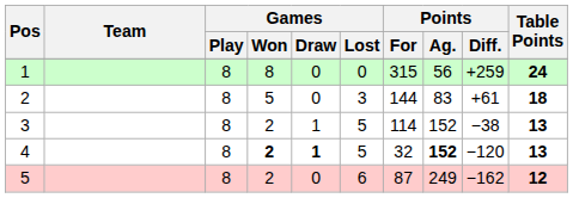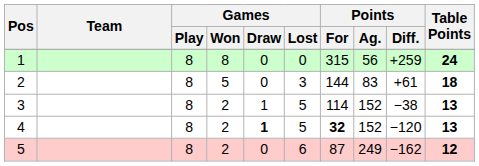 <table class="wikitable">
 <tr>
 <th rowspan=2 width=30>Pos</th>
 <th rowspan=2 width=145>Team</th>
 <th colspan=4 width=120>Games</th>
 <th colspan=3 width=90>Points</th>
 <th rowspan=2 width=30>Table <br>Points</th>
 </tr>
 <tr>
 <th width=30>Play</th>
 <th width=30>Won</th>
 <th width=30>Draw</th>
 <th width=30>Lost</th>
 <th width=30>For</th>
 <th width=30>Ag.</th>
 <th width=30>Diff.</th>
 </tr>
 <tr bgcolor=#ccffcc align=center>
 </tr>
 <tr>
 </tr>
 <tr>
 </tr>
 <tr bgcolor=#ccffcc align=center>
 <td>1</td>
 <td align=left></td>
 <td>8</td>
 <td>8</td>
 <td>0</td>
 <td>0</td>
 <td>315</td>
 <td>56</td>
 <td>+259</td>
 <td><strong>24</strong></td>
 </tr>
 <tr bgcolor=#ffffff align=center>
 <td>2</td>
 <td align=left></td>
 <td>8</td>
 <td>5</td>
 <td>0</td>
 <td>3</td>
 <td>144</td>
 <td>83</td>
 <td>+61</td>
 <td><strong>18</strong></td>
 </tr>
 <tr bgcolor=#ffffff align=center>
 <td>3</td>
 <td align=left></td>
 <td>8</td>
 <td>2</td>
 <td>1</td>
 <td>5</td>
 <td>114</td>
 <td>152</td>
 <td>−38</td>
 <td><strong>13</strong></td>
 </tr>
 <tr bgcolor=#ffffff align=center>
 <td>4</td>
 <td align=left></td>
 <td>8</td>
-<td><strong>2</strong></td>
+<td>2</td>
 <td><strong>1</strong></td>
 <td>5</td>
-<td>32</td>
-<td><strong>152</strong></td>
+<td><strong>32</strong></td>
+<td>152</td>
 <td>−120</td>
 <td><strong>13</strong></td>
 </tr>
 <tr bgcolor=#ffcccc align=center>
 <td>5</td>
 <td align=left></td>
 <td>8</td>
 <td>2</td>
 <td>0</td>
 <td>6</td>
 <td>87</td>
 <td>249</td>
 <td>−162</td>
 <td><strong>12</strong></td>
 </tr>
 </table>
